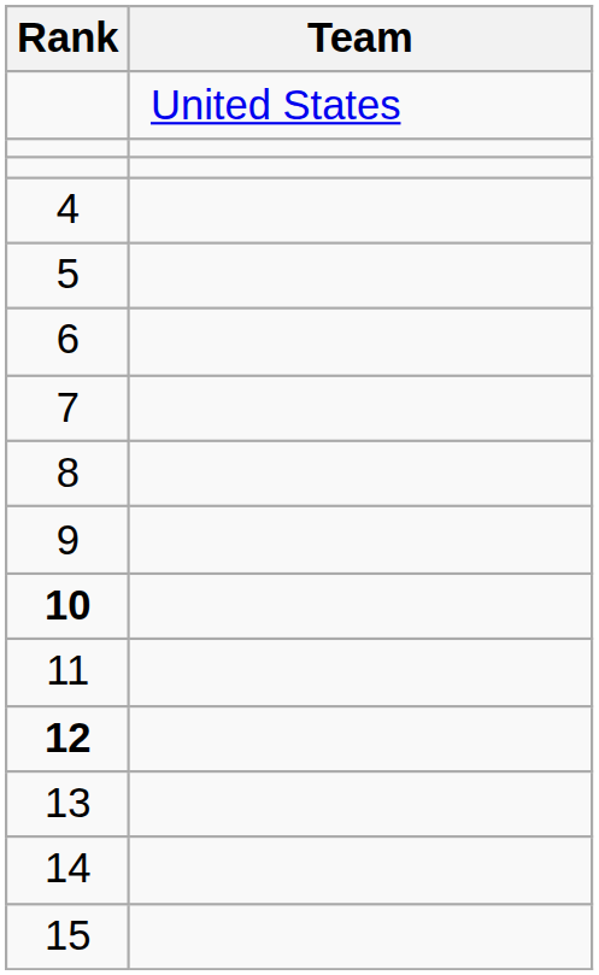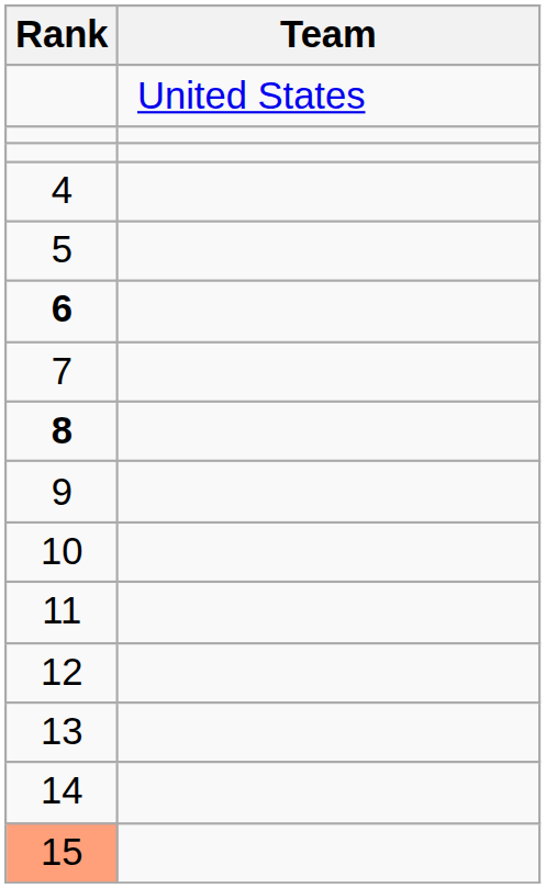 <table class="wikitable" style="text-align:center">
 <tr>
 <th width=40>Rank</th>
 <th width=170>Team</th>
 </tr>
 <tr>
 <td></td>
 <td align=left> <a href='#'>United States</a></td>
 </tr>
 <tr>
 <td></td>
 <td align=left></td>
 </tr>
 <tr>
 <td></td>
 <td align=left></td>
 </tr>
 <tr>
 <td>4</td>
 <td align=left></td>
 </tr>
 <tr>
 <td>5</td>
 <td align=left></td>
 </tr>
 <tr>
-<td>6</td>
+<td><strong>6</strong></td>
 <td align=left></td>
 </tr>
 <tr>
 <td>7</td>
 <td align=left></td>
 </tr>
 <tr>
-<td>8</td>
+<td><strong>8</strong></td>
 <td align=left></td>
 </tr>
 <tr>
 <td>9</td>
 <td align=left></td>
 </tr>
 <tr>
-<td><strong>10</strong></td>
+<td>10</td>
 <td align=left></td>
 </tr>
 <tr>
 <td>11</td>
 <td align=left></td>
 </tr>
 <tr>
-<td><strong>12</strong></td>
+<td>12</td>
 <td align=left></td>
 </tr>
 <tr>
 <td>13</td>
 <td align=left></td>
 </tr>
 <tr>
 <td>14</td>
 <td align=left></td>
 </tr>
 <tr>
-<td>15</td>
+<td style="background: lightsalmon;">15</td>
 <td align=left></td>
 </tr>
 </table>
